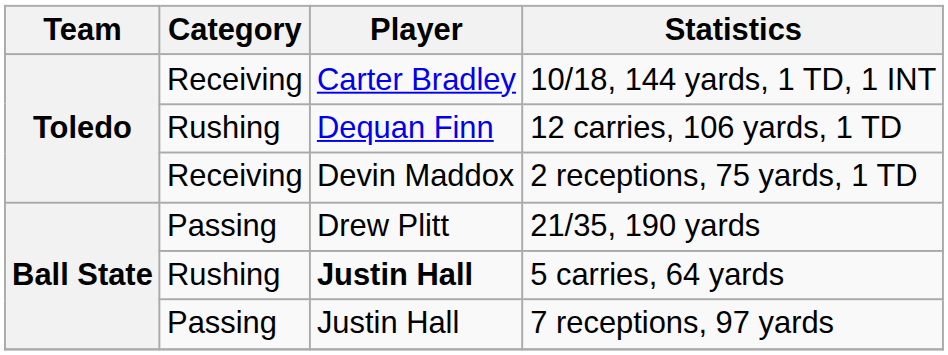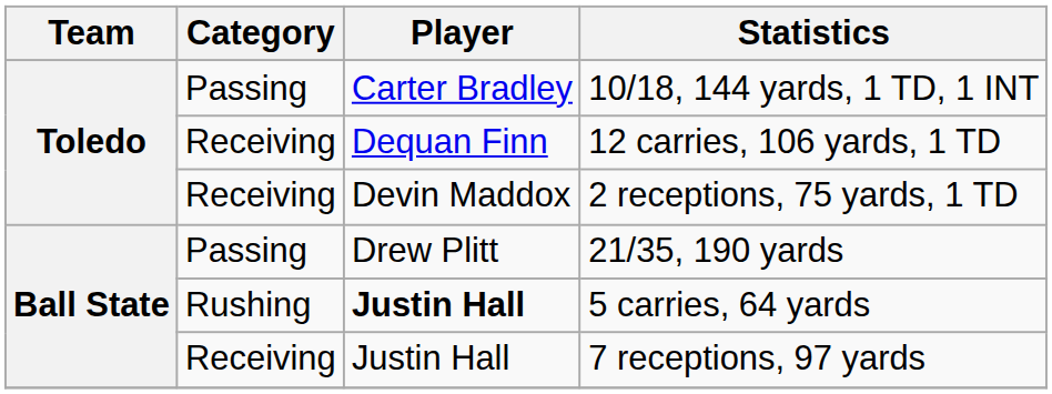 <table class="wikitable" style="float: left;">
 <tr>
 <th>Team</th>
 <th>Category</th>
 <th>Player</th>
 <th>Statistics</th>
 </tr>
 <tr>
 <th rowspan=3>Toledo</th>
-<td>Receiving</td>
+<td>Passing</td>
 <td><a href='#'>Carter Bradley</a></td>
 <td>10/18, 144 yards, 1 TD, 1 INT</td>
 </tr>
 <tr>
-<td>Rushing</td>
+<td>Receiving</td>
 <td><a href='#'>Dequan Finn</a></td>
 <td>12 carries, 106 yards, 1 TD</td>
 </tr>
 <tr>
 <td>Receiving</td>
 <td>Devin Maddox</td>
 <td>2 receptions, 75 yards, 1 TD</td>
 </tr>
 <tr>
 <th rowspan=3 style=>Ball State</th>
 <td>Passing</td>
 <td>Drew Plitt</td>
 <td>21/35, 190 yards</td>
 </tr>
 <tr>
 <td>Rushing</td>
 <td><strong>Justin Hall</strong></td>
 <td>5 carries, 64 yards</td>
 </tr>
 <tr>
-<td>Passing</td>
+<td>Receiving</td>
 <td>Justin Hall</td>
 <td>7 receptions, 97 yards</td>
 </tr>
 <tr>
 </tr>
 </table>
